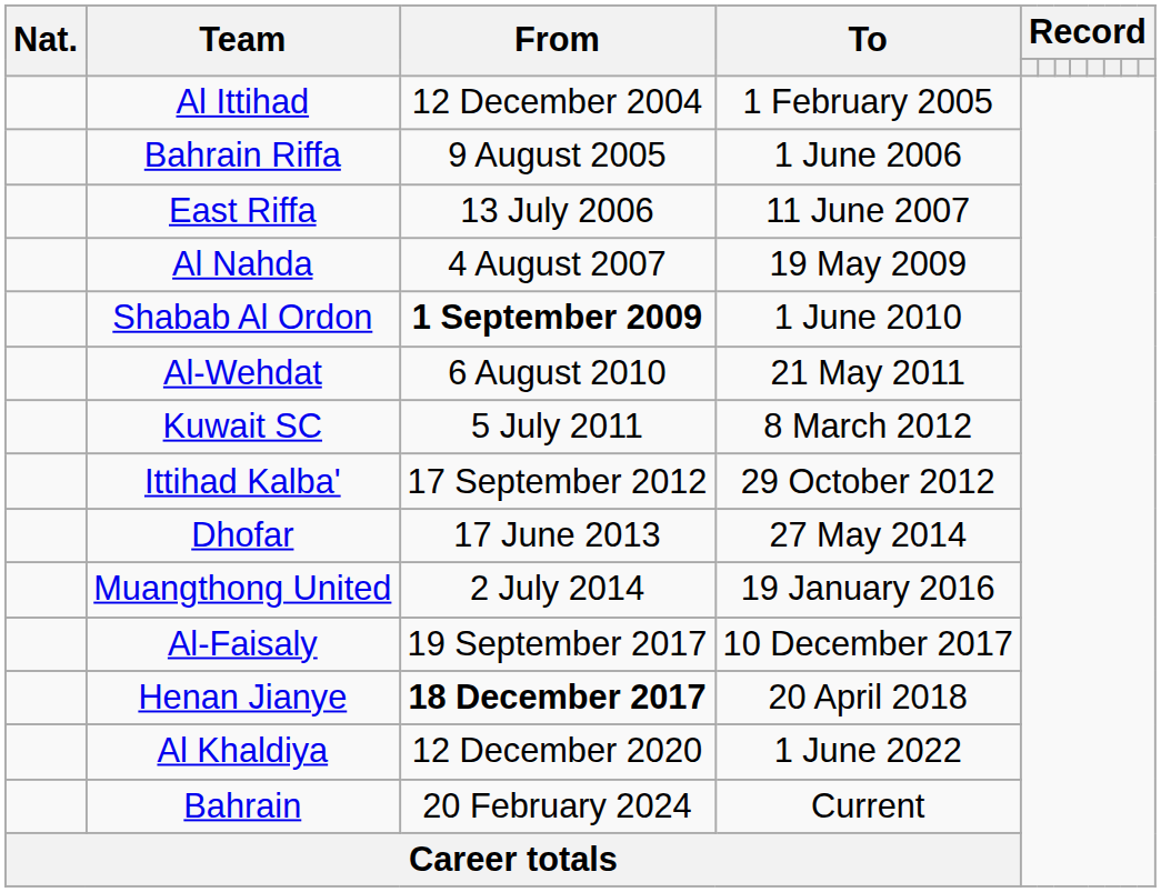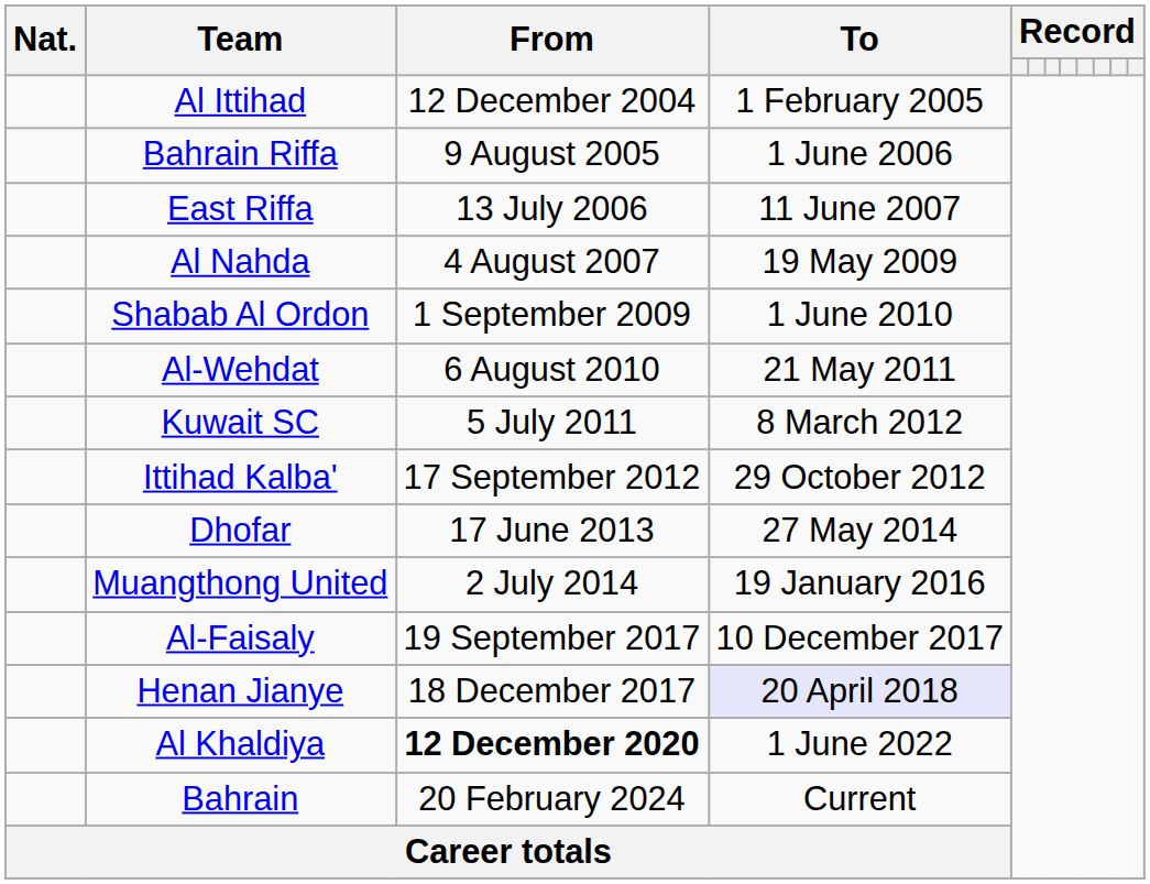 <table class="wikitable" style="text-align: center">
 <tr>
 <th rowspan=2>Nat.</th>
 <th rowspan=2>Team</th>
 <th rowspan=2>From</th>
 <th rowspan=2>To</th>
 <th colspan=8>Record</th>
 </tr>
 <tr>
 <th></th>
 <th></th>
 <th></th>
 <th></th>
 <th></th>
 <th></th>
 <th></th>
 <th></th>
 </tr>
 <tr>
 <td></td>
 <td><a href='#'>Al Ittihad</a></td>
 <td>12 December 2004</td>
 <td>1 February 2005<br></td>
 </tr>
 <tr>
 <td></td>
 <td><a href='#'>Bahrain Riffa</a></td>
 <td>9 August 2005</td>
 <td>1 June 2006<br></td>
 </tr>
 <tr>
 <td></td>
 <td><a href='#'>East Riffa</a></td>
 <td>13 July 2006</td>
 <td>11 June 2007<br></td>
 </tr>
 <tr>
 <td></td>
 <td><a href='#'>Al Nahda</a></td>
 <td>4 August 2007</td>
 <td>19 May 2009<br></td>
 </tr>
 <tr>
 <td></td>
 <td><a href='#'>Shabab Al Ordon</a></td>
-<td><strong>1 September 2009</strong></td>
+<td>1 September 2009</td>
 <td>1 June 2010<br></td>
 </tr>
 <tr>
 <td></td>
 <td><a href='#'>Al-Wehdat</a></td>
 <td>6 August 2010</td>
 <td>21 May 2011<br></td>
 </tr>
 <tr>
 <td></td>
 <td><a href='#'>Kuwait SC</a></td>
 <td>5 July 2011</td>
 <td>8 March 2012<br></td>
 </tr>
 <tr>
 <td></td>
 <td><a href='#'>Ittihad Kalba'</a></td>
 <td>17 September 2012</td>
 <td>29 October 2012<br></td>
 </tr>
 <tr>
 <td></td>
 <td><a href='#'>Dhofar</a></td>
 <td>17 June 2013</td>
 <td>27 May 2014<br></td>
 </tr>
 <tr>
 <td></td>
 <td><a href='#'>Muangthong United</a></td>
 <td>2 July 2014</td>
 <td>19 January 2016<br></td>
 </tr>
 <tr>
 <td></td>
 <td><a href='#'>Al-Faisaly</a></td>
 <td>19 September 2017</td>
 <td>10 December 2017<br></td>
 </tr>
 <tr>
 <td></td>
 <td><a href='#'>Henan Jianye</a></td>
-<td><strong>18 December 2017</strong></td>
-<td>20 April 2018<br></td>
+<td>18 December 2017</td>
+<td style="background: lavender;">20 April 2018<br></td>
 </tr>
 <tr>
 <td></td>
 <td><a href='#'>Al Khaldiya</a></td>
-<td>12 December 2020</td>
+<td><strong>12 December 2020</strong></td>
 <td>1 June 2022<br></td>
 </tr>
 <tr>
 <td></td>
 <td><a href='#'>Bahrain</a></td>
 <td>20 February 2024</td>
 <td>Current<br></td>
 </tr>
 <tr>
 <th colspan=4>Career totals<br></th>
 </tr>
 </table>
